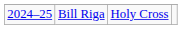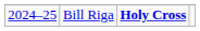 <table class="wikitable sortable">
 <tr>
 </tr>
 <tr align=center>
 <td><a href='#'>2024–25</a></td>
 <td><a href='#'>Bill Riga</a></td>
-<td><a href='#'>Holy Cross</a></td>
+<td><strong><a href='#'>Holy Cross</a></strong></td>
 <td></td>
 </tr>
 </table>
